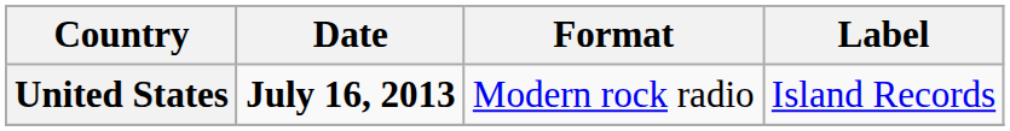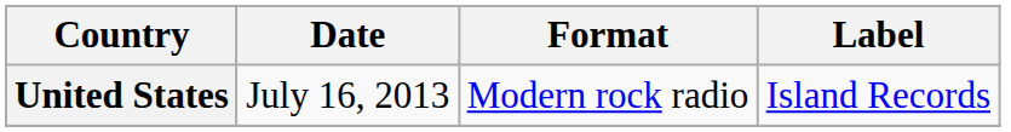 <table class="wikitable plainrowheaders" border="1">
 <tr>
 <th scope="col">Country</th>
 <th scope="col">Date</th>
 <th scope="col">Format</th>
 <th scope="col">Label</th>
 </tr>
 <tr>
 <th scope="row">United States</th>
-<td><strong>July 16, 2013</strong></td>
+<td>July 16, 2013</td>
 <td><a href='#'>Modern rock</a> radio</td>
 <td><a href='#'>Island Records</a></td>
 </tr>
 <tr>
 </tr>
 </table>
